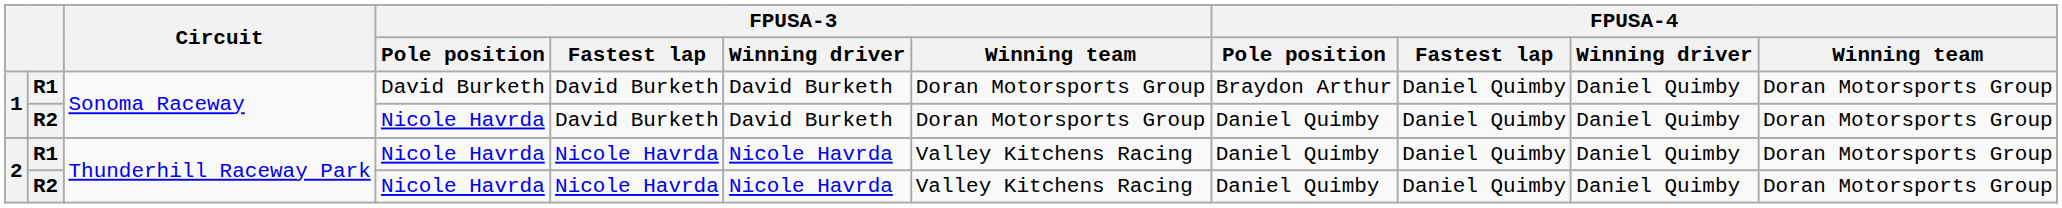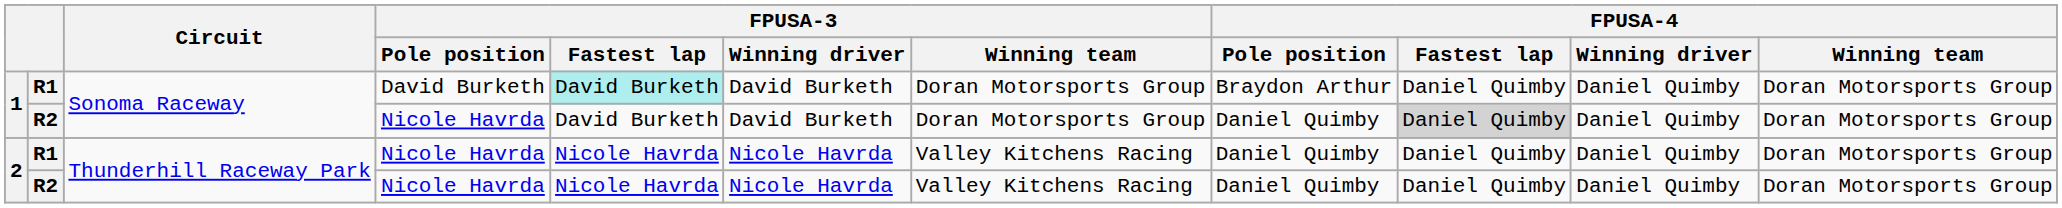 <table class="wikitable" style="font-size:85%;">
 <tr>
 <th colspan=2 rowspan=2></th>
 <th rowspan=2>Circuit</th>
 <th colspan=4>FPUSA-3</th>
 <th colspan=4>FPUSA-4</th>
 </tr>
 <tr>
 <th>Pole position</th>
 <th>Fastest lap</th>
 <th>Winning driver</th>
 <th>Winning team</th>
 <th>Pole position</th>
 <th>Fastest lap</th>
 <th>Winning driver</th>
 <th>Winning team</th>
 </tr>
 <tr>
 <th rowspan=2>1</th>
 <th>R1</th>
 <td rowspan=2><a href='#'>Sonoma Raceway</a></td>
 <td> David Burketh</td>
-<td> David Burketh</td>
+<td style="background: paleturquoise;"> David Burketh</td>
 <td> David Burketh</td>
 <td nowrap>Doran Motorsports Group</td>
 <td nowrap> Braydon Arthur</td>
 <td nowrap> Daniel Quimby</td>
 <td nowrap> Daniel Quimby</td>
 <td nowrap>Doran Motorsports Group</td>
 </tr>
 <tr>
 <th>R2</th>
 <td> <a href='#'>Nicole Havrda</a></td>
 <td> David Burketh</td>
 <td> David Burketh</td>
 <td>Doran Motorsports Group</td>
 <td> Daniel Quimby</td>
-<td> Daniel Quimby</td>
+<td style="background: lightgrey;"> Daniel Quimby</td>
 <td> Daniel Quimby</td>
 <td>Doran Motorsports Group</td>
 </tr>
 <tr>
 <th rowspan=2>2</th>
 <th>R1</th>
 <td rowspan=2><a href='#'>Thunderhill Raceway Park</a></td>
 <td nowrap> <a href='#'>Nicole Havrda</a></td>
 <td nowrap> <a href='#'>Nicole Havrda</a></td>
 <td nowrap> <a href='#'>Nicole Havrda</a></td>
 <td>Valley Kitchens Racing</td>
 <td> Daniel Quimby</td>
 <td> Daniel Quimby</td>
 <td> Daniel Quimby</td>
 <td>Doran Motorsports Group</td>
 </tr>
 <tr>
 <th>R2</th>
 <td> <a href='#'>Nicole Havrda</a></td>
 <td> <a href='#'>Nicole Havrda</a></td>
 <td> <a href='#'>Nicole Havrda</a></td>
 <td>Valley Kitchens Racing</td>
 <td> Daniel Quimby</td>
 <td> Daniel Quimby</td>
 <td> Daniel Quimby</td>
 <td>Doran Motorsports Group</td>
 </tr>
 </table>
